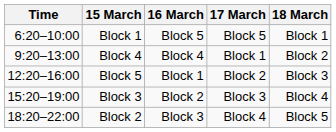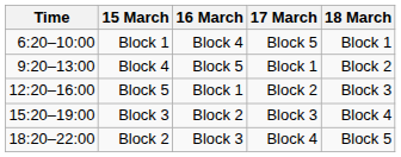 <table class="wikitable" style="text-align:right;">
 <tr>
 <th>Time</th>
 <th>15 March</th>
 <th>16 March</th>
 <th>17 March</th>
 <th>18 March</th>
 </tr>
 <tr>
 <td>6:20–10:00</td>
 <td>Block 1</td>
-<td>Block 5</td>
+<td>Block 4</td>
 <td>Block 5</td>
 <td>Block 1</td>
 </tr>
 <tr>
 <td>9:20–13:00</td>
 <td>Block 4</td>
-<td>Block 4</td>
+<td>Block 5</td>
 <td>Block 1</td>
 <td>Block 2</td>
 </tr>
 <tr>
 <td>12:20–16:00</td>
 <td>Block 5</td>
 <td>Block 1</td>
 <td>Block 2</td>
 <td>Block 3</td>
 </tr>
 <tr>
 <td>15:20–19:00</td>
 <td>Block 3</td>
 <td>Block 2</td>
 <td>Block 3</td>
 <td>Block 4</td>
 </tr>
 <tr>
 <td>18:20–22:00</td>
 <td>Block 2</td>
 <td>Block 3</td>
 <td>Block 4</td>
 <td>Block 5</td>
 </tr>
 </table>
